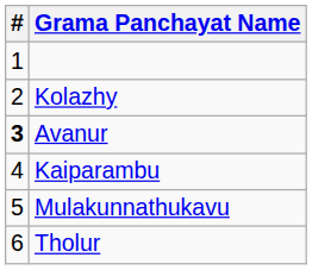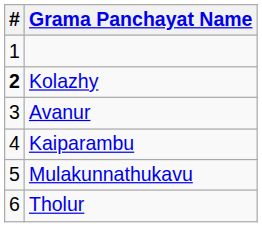 <table class="wikitable sortable">
 <tr>
 <th>#</th>
 <th><a href='#'>Grama Panchayat Name</a></th>
 </tr>
 <tr>
 <td>1</td>
 <td></td>
 </tr>
 <tr>
-<td>2</td>
+<td><strong>2</strong></td>
 <td><a href='#'>Kolazhy</a></td>
 </tr>
 <tr>
-<td><strong>3</strong></td>
+<td>3</td>
 <td><a href='#'>Avanur</a></td>
 </tr>
 <tr>
 <td>4</td>
 <td><a href='#'>Kaiparambu</a></td>
 </tr>
 <tr>
 <td>5</td>
 <td><a href='#'>Mulakunnathukavu</a></td>
 </tr>
 <tr>
 <td>6</td>
 <td><a href='#'>Tholur</a></td>
 </tr>
 </table>
